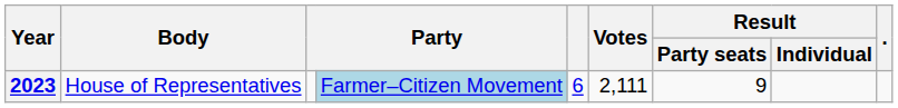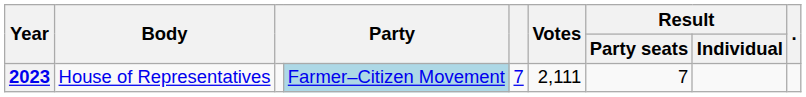 <table class="wikitable plainrowheaders sortable" border=2 cellpadding=4 cellspacing=0 style="border: 1px #aaa solid; font-size: 90%; text-align:center;">
 <tr>
 <th scope="col" rowspan=2>Year</th>
 <th scope="col" rowspan=2>Body</th>
 <th scope="col" colspan=2 rowspan=2>Party</th>
 <th scope="col" rowspan=2></th>
 <th scope="col" rowspan=2>Votes</th>
 <th scope="colgroup" colspan=2>Result</th>
 <th scope="col" rowspan=2 class="unsortable">.</th>
 </tr>
 <tr>
 <th scope="col">Party seats</th>
 <th scope="col">Individual</th>
 </tr>
 <tr>
 <th scope="row"><a href='#'>2023</a></th>
 <td><a href='#'>House of Representatives</a></td>
 <td style="background-color:"></td>
 <td style="background: lightblue;"><a href='#'>Farmer–Citizen Movement</a></td>
-<td style=text-align:right><a href='#'>6</a></td>
+<td style=text-align:right><a href='#'>7</a></td>
 <td style=text-align:right>2,111</td>
-<td style=text-align:right>9</td>
+<td style=text-align:right>7</td>
 <td></td>
 <td></td>
 </tr>
 </table>
